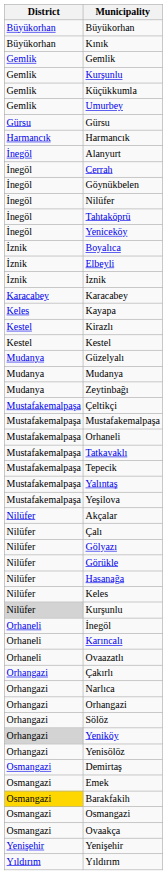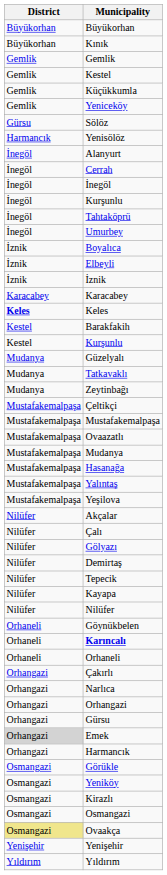 <table class="sortable wikitable">
 <tr>
 <th>District</th>
 <th>Municipality</th>
 </tr>
 <tr>
 <td><a href='#'>Büyükorhan</a></td>
 <td>Büyükorhan</td>
 </tr>
 <tr>
 <td>Büyükorhan</td>
 <td>Kınık</td>
 </tr>
 <tr>
 <td><a href='#'>Gemlik</a></td>
 <td>Gemlik</td>
 </tr>
 <tr>
 <td>Gemlik</td>
-<td><a href='#'>Kurşunlu</a></td>
+<td>Kestel</td>
 </tr>
 <tr>
 <td>Gemlik</td>
 <td>Küçükkumla</td>
 </tr>
 <tr>
 <td>Gemlik</td>
-<td><a href='#'>Umurbey</a></td>
+<td><a href='#'>Yeniceköy</a></td>
 </tr>
 <tr>
 <td><a href='#'>Gürsu</a></td>
-<td>Gürsu</td>
+<td>Sölöz</td>
 </tr>
 <tr>
 <td><a href='#'>Harmancık</a></td>
-<td>Harmancık</td>
+<td>Yenisölöz</td>
 </tr>
 <tr>
 <td><a href='#'>İnegöl</a></td>
 <td>Alanyurt</td>
 </tr>
 <tr>
 <td>İnegöl</td>
 <td><a href='#'>Cerrah</a></td>
 </tr>
 <tr>
 <td>İnegöl</td>
-<td>Göynükbelen</td>
+<td>İnegöl</td>
 </tr>
 <tr>
 <td>İnegöl</td>
-<td>Nilüfer</td>
+<td>Kurşunlu</td>
 </tr>
 <tr>
 <td>İnegöl</td>
 <td><a href='#'>Tahtaköprü</a></td>
 </tr>
 <tr>
 <td>İnegöl</td>
-<td><a href='#'>Yeniceköy</a></td>
+<td><a href='#'>Umurbey</a></td>
 </tr>
 <tr>
 <td>İznik</td>
 <td><a href='#'>Boyalıca</a></td>
 </tr>
 <tr>
 <td>İznik</td>
 <td><a href='#'>Elbeyli</a></td>
 </tr>
 <tr>
 <td>İznik</td>
 <td>İznik</td>
 </tr>
 <tr>
 <td><a href='#'>Karacabey</a></td>
 <td>Karacabey</td>
 </tr>
 <tr>
-<td><a href='#'>Keles</a></td>
-<td>Kayapa</td>
+<td><strong><a href='#'>Keles</a></strong></td>
+<td>Keles</td>
 </tr>
 <tr>
 <td><a href='#'>Kestel</a></td>
-<td>Kirazlı</td>
+<td>Barakfakih</td>
 </tr>
 <tr>
 <td>Kestel</td>
-<td>Kestel</td>
+<td><a href='#'>Kurşunlu</a></td>
 </tr>
 <tr>
 <td><a href='#'>Mudanya</a></td>
 <td>Güzelyalı</td>
 </tr>
 <tr>
 <td>Mudanya</td>
-<td>Mudanya</td>
+<td><a href='#'>Tatkavaklı</a></td>
 </tr>
 <tr>
 <td>Mudanya</td>
 <td>Zeytinbağı</td>
 </tr>
 <tr>
 <td><a href='#'>Mustafakemalpaşa</a></td>
 <td>Çeltikçi</td>
 </tr>
 <tr>
 <td>Mustafakemalpaşa</td>
 <td>Mustafakemalpaşa</td>
 </tr>
 <tr>
 <td>Mustafakemalpaşa</td>
-<td>Orhaneli</td>
+<td>Ovaazatlı</td>
 </tr>
 <tr>
 <td>Mustafakemalpaşa</td>
-<td><a href='#'>Tatkavaklı</a></td>
+<td>Mudanya</td>
 </tr>
 <tr>
 <td>Mustafakemalpaşa</td>
-<td>Tepecik</td>
+<td><a href='#'>Hasanağa</a></td>
 </tr>
 <tr>
 <td>Mustafakemalpaşa</td>
 <td><a href='#'>Yalıntaş</a></td>
 </tr>
 <tr>
 <td>Mustafakemalpaşa</td>
 <td>Yeşilova</td>
 </tr>
 <tr>
 <td><a href='#'>Nilüfer</a></td>
 <td>Akçalar</td>
 </tr>
 <tr>
 <td>Nilüfer</td>
 <td>Çalı</td>
 </tr>
 <tr>
 <td>Nilüfer</td>
 <td><a href='#'>Gölyazı</a></td>
 </tr>
 <tr>
 <td>Nilüfer</td>
-<td><a href='#'>Görükle</a></td>
+<td>Demirtaş</td>
 </tr>
 <tr>
 <td>Nilüfer</td>
-<td><a href='#'>Hasanağa</a></td>
+<td>Tepecik</td>
 </tr>
 <tr>
 <td>Nilüfer</td>
-<td>Keles</td>
+<td>Kayapa</td>
 </tr>
 <tr>
-<td style="background: lightgrey;">Nilüfer</td>
-<td>Kurşunlu</td>
+<td>Nilüfer</td>
+<td>Nilüfer</td>
 </tr>
 <tr>
 <td><a href='#'>Orhaneli</a></td>
-<td>İnegöl</td>
+<td>Göynükbelen</td>
 </tr>
 <tr>
 <td>Orhaneli</td>
-<td><a href='#'>Karıncalı</a></td>
+<td><strong><a href='#'>Karıncalı</a></strong></td>
 </tr>
 <tr>
 <td>Orhaneli</td>
-<td>Ovaazatlı</td>
+<td>Orhaneli</td>
 </tr>
 <tr>
 <td><a href='#'>Orhangazi</a></td>
 <td>Çakırlı</td>
 </tr>
 <tr>
 <td>Orhangazi</td>
 <td>Narlıca</td>
 </tr>
 <tr>
 <td>Orhangazi</td>
 <td>Orhangazi</td>
 </tr>
 <tr>
 <td>Orhangazi</td>
-<td>Sölöz</td>
+<td>Gürsu</td>
 </tr>
 <tr>
 <td style="background: lightgrey;">Orhangazi</td>
+<td>Emek</td>
+</tr>
+<tr>
+<td>Orhangazi</td>
+<td>Harmancık</td>
+</tr>
+<tr>
+<td><a href='#'>Osmangazi</a></td>
+<td><a href='#'>Görükle</a></td>
+</tr>
+<tr>
+<td>Osmangazi</td>
 <td><a href='#'>Yeniköy</a></td>
 </tr>
 <tr>
-<td>Orhangazi</td>
-<td>Yenisölöz</td>
-</tr>
-<tr>
-<td><a href='#'>Osmangazi</a></td>
-<td>Demirtaş</td>
-</tr>
-<tr>
 <td>Osmangazi</td>
-<td>Emek</td>
-</tr>
-<tr>
-<td style="background: gold;">Osmangazi</td>
-<td>Barakfakih</td>
+<td>Kirazlı</td>
 </tr>
 <tr>
 <td>Osmangazi</td>
 <td>Osmangazi</td>
 </tr>
 <tr>
-<td>Osmangazi</td>
+<td style="background: khaki;">Osmangazi</td>
 <td>Ovaakça</td>
 </tr>
 <tr>
 <td><a href='#'>Yenişehir</a></td>
 <td>Yenişehir</td>
 </tr>
 <tr>
 <td><a href='#'>Yıldırım</a></td>
 <td>Yıldırım</td>
 </tr>
 </table>
